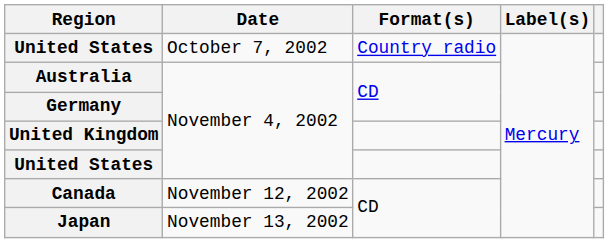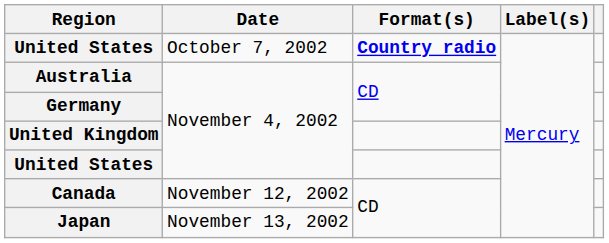 <table class="wikitable plainrowheaders">
 <tr>
 <th scope="col">Region</th>
 <th scope="col">Date</th>
 <th scope="col">Format(s)</th>
 <th scope="col">Label(s)</th>
 <th scope="col"></th>
 </tr>
 <tr>
 <th scope="row">United States</th>
 <td>October 7, 2002</td>
-<td><a href='#'>Country radio</a></td>
+<td><strong><a href='#'>Country radio</a></strong></td>
 <td rowspan="7"><a href='#'>Mercury</a></td>
 <td align="center"></td>
 </tr>
 <tr>
 <th scope="row">Australia</th>
 <td rowspan="4">November 4, 2002</td>
 <td rowspan="2"><a href='#'>CD</a></td>
 <td align="center"></td>
 </tr>
 <tr>
 <th scope="row">Germany</th>
 <td align="center"></td>
 </tr>
 <tr>
 <th scope="row">United Kingdom</th>
 <td></td>
 <td align="center"></td>
 </tr>
 <tr>
 <th scope="row">United States</th>
 <td></td>
 <td align="center"></td>
 </tr>
 <tr>
 <th scope="row">Canada</th>
 <td>November 12, 2002</td>
 <td rowspan="2">CD</td>
 <td align="center"></td>
 </tr>
 <tr>
 <th scope="row">Japan</th>
 <td>November 13, 2002</td>
 <td align="center"></td>
 </tr>
 </table>
